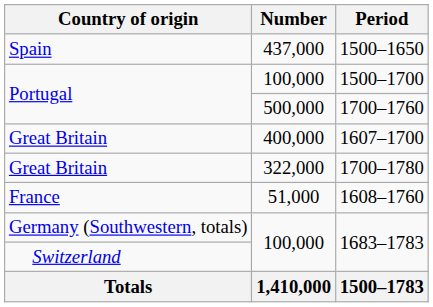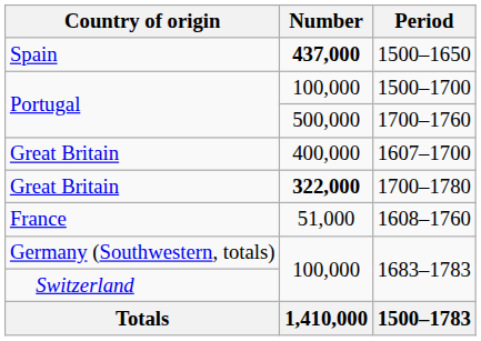 <table class="wikitable sortable" style="text-align:center">
 <tr>
 <th>Country of origin</th>
 <th>Number</th>
 <th>Period</th>
 </tr>
 <tr>
 <td align="left"><a href='#'>Spain</a></td>
-<td>437,000</td>
+<td><strong>437,000</strong></td>
 <td>1500–1650</td>
 </tr>
 <tr>
 <td align="left" rowspan=2><a href='#'>Portugal</a></td>
 <td>100,000</td>
 <td>1500–1700</td>
 </tr>
 <tr>
 <td>500,000</td>
 <td>1700–1760</td>
 </tr>
 <tr>
 <td align="left"><a href='#'>Great Britain</a></td>
 <td>400,000</td>
 <td>1607–1700</td>
 </tr>
 <tr>
 <td align="left"><a href='#'>Great Britain</a></td>
-<td>322,000</td>
+<td><strong>322,000</strong></td>
 <td>1700–1780</td>
 </tr>
 <tr>
 <td align="left"><a href='#'>France</a></td>
 <td>51,000</td>
 <td>1608–1760</td>
 </tr>
 <tr>
 <td align="left"><a href='#'>Germany</a> (<a href='#'>Southwestern</a>, totals)</td>
 <td rowspan="2" style="text-align:center;">100,000</td>
 <td rowspan="2" style="text-align:center;">1683–1783</td>
 </tr>
 <tr>
 <td align="left">     <em><a href='#'>Switzerland</a></em></td>
 </tr>
 <tr>
 <th>Totals</th>
 <th>1,410,000</th>
 <th>1500–1783</th>
 </tr>
 </table>
